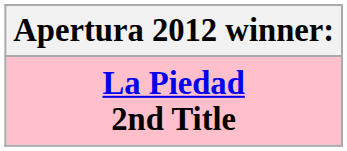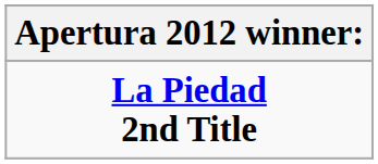 <table class="wikitable" style="text-align: center; margin: 0 auto;">
 <tr>
 <th>Apertura 2012 winner:</th>
 </tr>
 <tr>
-<td style="background: pink;"><strong><a href='#'>La Piedad</a></strong><br><strong>2nd Title</strong></td>
+<td><strong><a href='#'>La Piedad</a></strong><br><strong>2nd Title</strong></td>
 </tr>
 </table>
